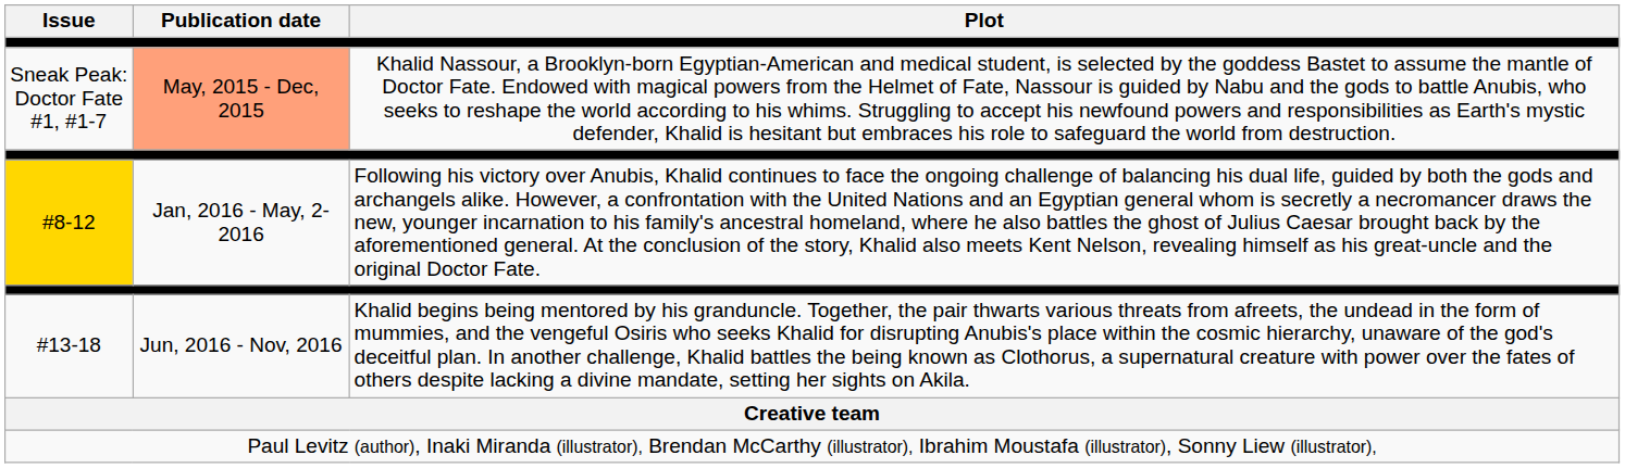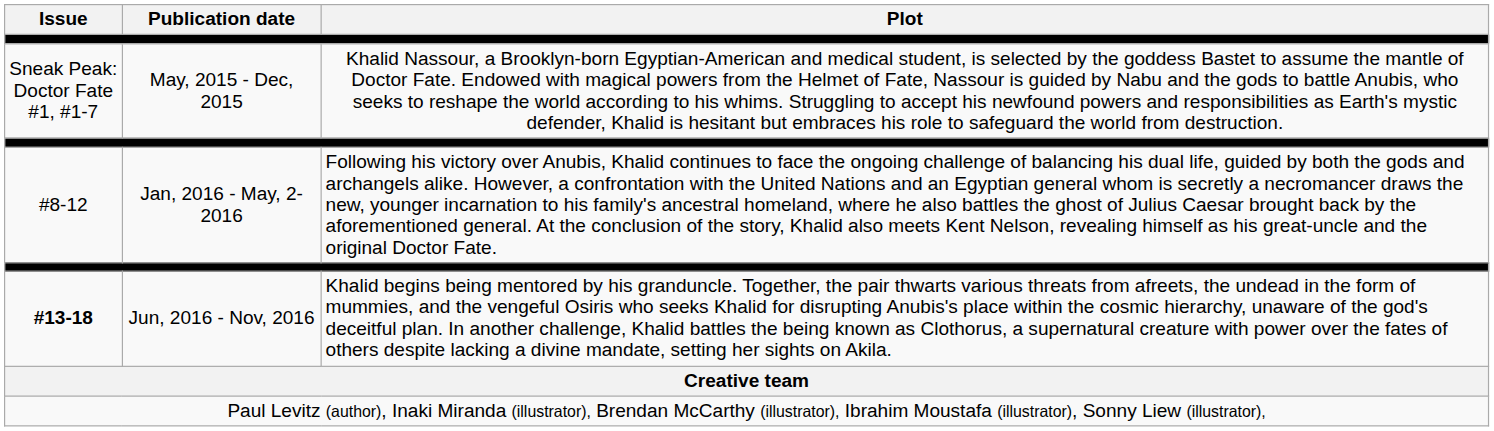 <table class="wikitable" style="text-align: center">
 <tr>
 <th>Issue</th>
 <th style="width: 10em">Publication date</th>
 <th>Plot</th>
 </tr>
 <tr>
 <td colspan="3" style="background:#000000"></td>
 </tr>
 <tr>
 <td>Sneak Peak: Doctor Fate #1, #1-7</td>
-<td style="background: lightsalmon;">May, 2015 - Dec, 2015</td>
+<td>May, 2015 - Dec, 2015</td>
 <td>Khalid Nassour, a Brooklyn-born Egyptian-American and medical student, is selected by the goddess Bastet to assume the mantle of Doctor Fate. Endowed with magical powers from the Helmet of Fate, Nassour is guided by Nabu and the gods to battle Anubis, who seeks to reshape the world according to his whims. Struggling to accept his newfound powers and responsibilities as Earth's mystic defender, Khalid is hesitant but embraces his role to safeguard the world from destruction.</td>
 </tr>
 <tr>
 <td colspan="3" style="background:#000000"></td>
 </tr>
 <tr>
-<td style="background: gold;">#8-12</td>
+<td>#8-12</td>
 <td>Jan, 2016 - May, 2-2016</td>
 <td align="left">Following his victory over Anubis, Khalid continues to face the ongoing challenge of balancing his dual life, guided by both the gods and archangels alike. However, a confrontation with the United Nations and an Egyptian general whom is secretly a necromancer draws the new, younger incarnation to his family's ancestral homeland, where he also battles the ghost of Julius Caesar brought back by the aforementioned general. At the conclusion of the story, Khalid also meets Kent Nelson, revealing himself as his great-uncle and the original Doctor Fate.</td>
 </tr>
 <tr>
 <td colspan="3" style="background:#000000"></td>
 </tr>
 <tr>
-<td>#13-18</td>
+<td><strong>#13-18</strong></td>
 <td>Jun, 2016 - Nov, 2016</td>
 <td align="left">Khalid begins being mentored by his granduncle. Together, the pair thwarts various threats from afreets, the undead in the form of mummies, and the vengeful Osiris who seeks Khalid for disrupting Anubis's place within the cosmic hierarchy, unaware of the god's deceitful plan. In another challenge, Khalid battles the being known as Clothorus, a supernatural creature with power over the fates of others despite lacking a divine mandate, setting her sights on Akila.</td>
 </tr>
 <tr>
 <th colspan="3">Creative team</th>
 </tr>
 <tr>
 <td colspan="3">Paul Levitz <small>(author)</small>, Inaki Miranda <small>(illustrator),</small> Brendan McCarthy <small>(illustrator),</small> Ibrahim Moustafa <small>(illustrator)</small>, Sonny Liew <small>(illustrator),</small></td>
 </tr>
 </table>
